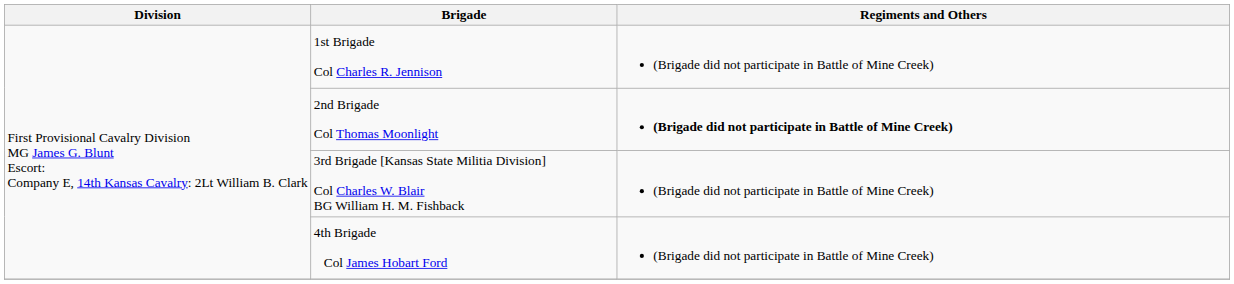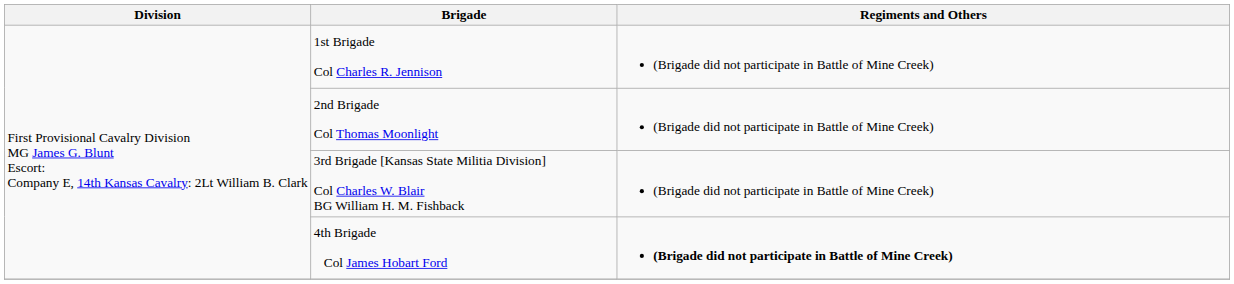 <table class="wikitable">
 <tr>
 <th width=25%>Division</th>
 <th width=25%>Brigade</th>
 <th>Regiments and Others</th>
 </tr>
 <tr>
 <td rowspan=4><br>First Provisional Cavalry Division <br> MG <a href='#'>James G. Blunt</a><br> Escort:<br> Company E, <a href='#'>14th Kansas Cavalry</a>: 2Lt William B. Clark</td>
 <td>1st Brigade<br><br> Col <a href='#'>Charles R. Jennison</a></td>
 <td><br><ul><li>(Brigade did not participate in Battle of Mine Creek)</li></ul></td>
 </tr>
 <tr>
 <td>2nd Brigade<br><br> Col <a href='#'>Thomas Moonlight</a></td>
-<td><strong><br><ul><li>(Brigade did not participate in Battle of Mine Creek)</li></ul></strong></td>
+<td><br><ul><li>(Brigade did not participate in Battle of Mine Creek)</li></ul></td>
 </tr>
 <tr>
 <td>3rd Brigade [Kansas State Militia Division]<br><br> Col <a href='#'>Charles W. Blair</a><br> BG William H. M. Fishback</td>
 <td><br><ul><li>(Brigade did not participate in Battle of Mine Creek)</li></ul></td>
 </tr>
 <tr>
 <td>4th Brigade<br><br>   Col <a href='#'>James Hobart Ford</a></td>
-<td><br><ul><li>(Brigade did not participate in Battle of Mine Creek)</li></ul></td>
+<td><strong><br><ul><li>(Brigade did not participate in Battle of Mine Creek)</li></ul></strong></td>
 </tr>
 <tr>
 </tr>
 </table>
